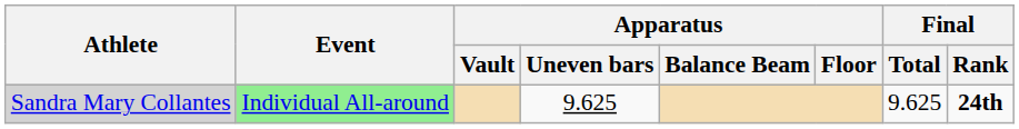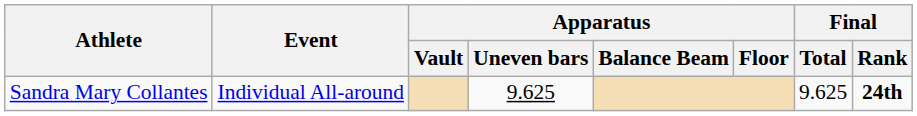 <table class="wikitable" style="font-size:90%">
 <tr>
 <th rowspan="2">Athlete</th>
 <th rowspan="2">Event</th>
 <th colspan = "4">Apparatus</th>
 <th colspan = "2">Final</th>
 </tr>
 <tr>
 <th>Vault</th>
 <th>Uneven bars</th>
 <th>Balance Beam</th>
 <th>Floor</th>
 <th>Total</th>
 <th>Rank</th>
 </tr>
 <tr>
-<td style="background: lightgrey;"><a href='#'>Sandra Mary Collantes</a></td>
-<td style="background: lightgreen;"><a href='#'>Individual All-around</a></td>
+<td><a href='#'>Sandra Mary Collantes</a></td>
+<td><a href='#'>Individual All-around</a></td>
 <td bgcolor=wheat></td>
 <td align=center><u>9.625</u></td>
 <td colspan=2 bgcolor=wheat></td>
 <td align=center>9.625</td>
 <td align=center><strong>24th</strong></td>
 </tr>
 </table>
